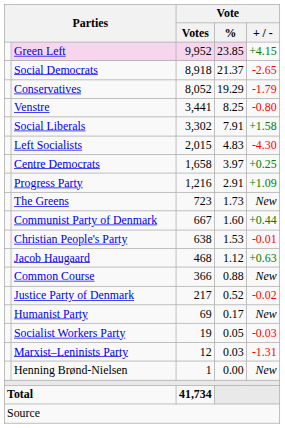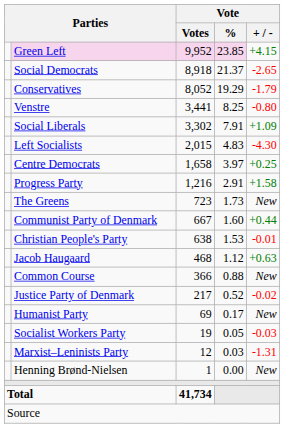 <table class="wikitable" style="text-align:right;">
 <tr>
 <th style="text-align:centre;" rowspan="2" colspan="2" width="225">Parties</th>
 <th colspan="3">Vote</th>
 </tr>
 <tr>
 <th width="15">Votes</th>
 <th width="15">%</th>
 <th width="15">+ / -</th>
 </tr>
 <tr>
 <td width="2" style="color:inherit;background:"></td>
 <td bgcolor=#f7d5ed  align="left"><a href='#'>Green Left</a></td>
 <td bgcolor=#f7d5ed>9,952</td>
 <td bgcolor=#f7d5ed>23.85</td>
 <td style=color:green;>+4.15</td>
 </tr>
 <tr>
 <td width="2" style="color:inherit;background:"></td>
 <td align="left"><a href='#'>Social Democrats</a></td>
 <td>8,918</td>
 <td>21.37</td>
 <td style=color:red;>-2.65</td>
 </tr>
 <tr>
 <td width="2" style="color:inherit;background:"></td>
 <td align="left"><a href='#'>Conservatives</a></td>
 <td>8,052</td>
 <td>19.29</td>
 <td style=color:red;>-1.79</td>
 </tr>
 <tr>
 <td width="2" style="color:inherit;background:"></td>
 <td align="left"><a href='#'>Venstre</a></td>
 <td>3,441</td>
 <td>8.25</td>
 <td style=color:red;>-0.80</td>
 </tr>
 <tr>
 <td width="2" style="color:inherit;background:"></td>
 <td align="left"><a href='#'>Social Liberals</a></td>
 <td>3,302</td>
 <td>7.91</td>
-<td style=color:green;>+1.58</td>
+<td style=color:green;>+1.09</td>
 </tr>
 <tr>
 <td width="2" style="color:inherit;background:"></td>
 <td align="left"><a href='#'>Left Socialists</a></td>
 <td>2,015</td>
 <td>4.83</td>
 <td style=color:red;>-4.30</td>
 </tr>
 <tr>
 <td width="2" style="color:inherit;background:"></td>
 <td align="left"><a href='#'>Centre Democrats</a></td>
 <td>1,658</td>
 <td>3.97</td>
 <td style=color:green;>+0.25</td>
 </tr>
 <tr>
 <td width="2" style="color:inherit;background:"></td>
 <td align="left"><a href='#'>Progress Party</a></td>
 <td>1,216</td>
 <td>2.91</td>
-<td style=color:green;>+1.09</td>
+<td style=color:green;>+1.58</td>
 </tr>
 <tr>
 <td width="2" style="color:inherit;background:"></td>
 <td align="left"><a href='#'>The Greens</a></td>
 <td>723</td>
 <td>1.73</td>
 <td><em>New</em></td>
 </tr>
 <tr>
 <td width="2" style="color:inherit;background:"></td>
 <td align="left"><a href='#'>Communist Party of Denmark</a></td>
 <td>667</td>
 <td>1.60</td>
 <td style=color:green;>+0.44</td>
 </tr>
 <tr>
 <td width="2" style="color:inherit;background:"></td>
 <td align="left"><a href='#'>Christian People's Party</a></td>
 <td>638</td>
 <td>1.53</td>
 <td style=color:red;>-0.01</td>
 </tr>
 <tr>
 <td width="2" style="color:inherit;background:"></td>
 <td align="left"><a href='#'>Jacob Haugaard</a></td>
 <td>468</td>
 <td>1.12</td>
 <td style=color:green;>+0.63</td>
 </tr>
 <tr>
 <td width="2" style="color:inherit;background:"></td>
 <td align="left"><a href='#'>Common Course</a></td>
 <td>366</td>
 <td>0.88</td>
 <td><em>New</em></td>
 </tr>
 <tr>
 <td width="2" style="color:inherit;background:"></td>
 <td align="left"><a href='#'>Justice Party of Denmark</a></td>
 <td>217</td>
 <td>0.52</td>
 <td style=color:red;>-0.02</td>
 </tr>
 <tr>
 <td width="2" style="color:inherit;background:"></td>
 <td align="left"><a href='#'>Humanist Party</a></td>
 <td>69</td>
 <td>0.17</td>
 <td><em>New</em></td>
 </tr>
 <tr>
 <td width="2" style="color:inherit;background:"></td>
 <td align="left"><a href='#'>Socialist Workers Party</a></td>
 <td>19</td>
 <td>0.05</td>
 <td style=color:red;>-0.03</td>
 </tr>
 <tr>
 <td width="2" style="color:inherit;background:"></td>
 <td align="left"><a href='#'>Marxist–Leninists Party</a></td>
 <td>12</td>
 <td>0.03</td>
 <td style=color:red;>-1.31</td>
 </tr>
 <tr>
 <td width="2" style="color:inherit;background:"></td>
 <td align="left">Henning Brønd-Nielsen</td>
 <td>1</td>
 <td>0.00</td>
 <td><em>New</em></td>
 </tr>
 <tr>
 <td colspan="7" bgcolor="#E9E9E9"></td>
 </tr>
 <tr>
 <td align="left" colspan="2"><strong>Total</strong></td>
 <td><strong>41,734</strong></td>
 <td bgcolor="#E9E9E9" colspan="2"></td>
 </tr>
 <tr>
 <td align="left" colspan="6">Source</td>
 </tr>
 </table>
